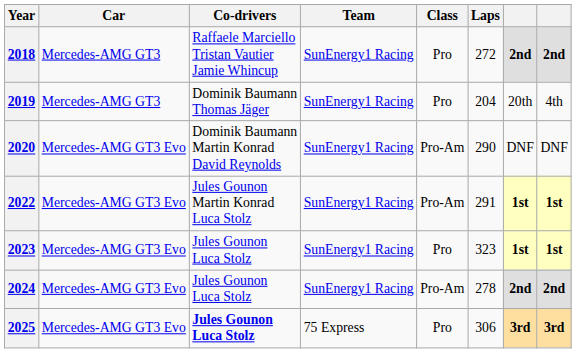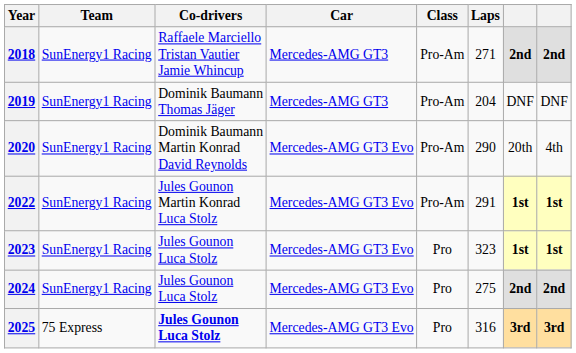 <table class="wikitable" style="font-size:85%; text-align:center">
 <tr>
 <th>Year</th>
+<th>Team</th>
+<th>Co-drivers</th>
 <th>Car</th>
-<th>Co-drivers</th>
-<th>Team</th>
 <th>Class</th>
 <th>Laps</th>
 <th></th>
 <th></th>
 </tr>
 <tr>
 <th><a href='#'>2018</a></th>
+<td align="left"> <a href='#'>SunEnergy1 Racing</a></td>
+<td align="left"> <a href='#'>Raffaele Marciello</a><br> <a href='#'>Tristan Vautier</a><br> <a href='#'>Jamie Whincup</a></td>
 <td align="left"><a href='#'>Mercedes-AMG GT3</a></td>
-<td align="left"> <a href='#'>Raffaele Marciello</a><br> <a href='#'>Tristan Vautier</a><br> <a href='#'>Jamie Whincup</a></td>
-<td align="left"> <a href='#'>SunEnergy1 Racing</a></td>
-<td>Pro</td>
-<td>272</td>
+<td>Pro-Am</td>
+<td>271</td>
 <td style="background:#dfdfdf"><strong>2nd</strong></td>
 <td style="background:#dfdfdf"><strong>2nd</strong></td>
 </tr>
 <tr>
 <th><a href='#'>2019</a></th>
+<td align="left"> <a href='#'>SunEnergy1 Racing</a></td>
+<td align="left"> Dominik Baumann<br> <a href='#'>Thomas Jäger</a></td>
 <td align="left"><a href='#'>Mercedes-AMG GT3</a></td>
-<td align="left"> Dominik Baumann<br> <a href='#'>Thomas Jäger</a></td>
+<td>Pro-Am</td>
+<td>204</td>
+<td>DNF</td>
+<td>DNF</td>
+</tr>
+<tr>
+<th><a href='#'>2020</a></th>
 <td align="left"> <a href='#'>SunEnergy1 Racing</a></td>
-<td>Pro</td>
-<td>204</td>
+<td align="left"> Dominik Baumann<br> Martin Konrad<br> <a href='#'>David Reynolds</a></td>
+<td align="left"><a href='#'>Mercedes-AMG GT3 Evo</a></td>
+<td>Pro-Am</td>
+<td>290</td>
 <td>20th</td>
 <td>4th</td>
 </tr>
 <tr>
-<th><a href='#'>2020</a></th>
+<th><a href='#'>2022</a></th>
+<td align="left"> <a href='#'>SunEnergy1 Racing</a></td>
+<td align="left"> <a href='#'>Jules Gounon</a><br> Martin Konrad<br> <a href='#'>Luca Stolz</a></td>
 <td align="left"><a href='#'>Mercedes-AMG GT3 Evo</a></td>
-<td align="left"> Dominik Baumann<br> Martin Konrad<br> <a href='#'>David Reynolds</a></td>
-<td align="left"> <a href='#'>SunEnergy1 Racing</a></td>
-<td>Pro-Am</td>
-<td>290</td>
-<td>DNF</td>
-<td>DNF</td>
-</tr>
-<tr>
-<th><a href='#'>2022</a></th>
-<td align="left"><a href='#'>Mercedes-AMG GT3 Evo</a></td>
-<td align="left"> <a href='#'>Jules Gounon</a><br> Martin Konrad<br> <a href='#'>Luca Stolz</a></td>
-<td align="left"> <a href='#'>SunEnergy1 Racing</a></td>
 <td>Pro-Am</td>
 <td>291</td>
 <td style="background:#ffffbf"><strong>1st</strong></td>
 <td style="background:#ffffbf"><strong>1st</strong></td>
 </tr>
 <tr>
 <th><a href='#'>2023</a></th>
+<td align="left"> <a href='#'>SunEnergy1 Racing</a></td>
+<td align="left"> <a href='#'>Jules Gounon</a><br> <a href='#'>Luca Stolz</a></td>
 <td align="left"><a href='#'>Mercedes-AMG GT3 Evo</a></td>
-<td align="left"> <a href='#'>Jules Gounon</a><br> <a href='#'>Luca Stolz</a></td>
-<td align="left"> <a href='#'>SunEnergy1 Racing</a></td>
 <td>Pro</td>
 <td>323</td>
 <td style="background:#ffffbf"><strong>1st</strong></td>
 <td style="background:#ffffbf"><strong>1st</strong></td>
 </tr>
 <tr>
 <th><a href='#'>2024</a></th>
+<td align="left"> <a href='#'>SunEnergy1 Racing</a></td>
+<td align="left"> <a href='#'>Jules Gounon</a><br> <a href='#'>Luca Stolz</a></td>
 <td align="left"><a href='#'>Mercedes-AMG GT3 Evo</a></td>
-<td align="left"> <a href='#'>Jules Gounon</a><br> <a href='#'>Luca Stolz</a></td>
-<td align="left"> <a href='#'>SunEnergy1 Racing</a></td>
-<td>Pro-Am</td>
-<td>278</td>
+<td>Pro</td>
+<td>275</td>
 <td style="background:#dfdfdf"><strong>2nd</strong></td>
 <td style="background:#dfdfdf"><strong>2nd</strong></td>
 </tr>
 <tr>
 <th><a href='#'>2025</a></th>
+<td style="text-align:left;"> 75 Express</td>
+<td style="text-align:left;"><strong> <a href='#'>Jules Gounon</a><br> <a href='#'>Luca Stolz</a></strong></td>
 <td style="text-align:left;"><a href='#'>Mercedes-AMG GT3 Evo</a></td>
-<td style="text-align:left;"><strong> <a href='#'>Jules Gounon</a><br> <a href='#'>Luca Stolz</a></strong></td>
-<td style="text-align:left;"> 75 Express</td>
 <td>Pro</td>
-<td>306</td>
+<td>316</td>
 <td style="background:#FFDF9F;"><strong>3rd</strong></td>
 <td style="background:#FFDF9F;"><strong>3rd</strong></td>
 </tr>
 </table>
